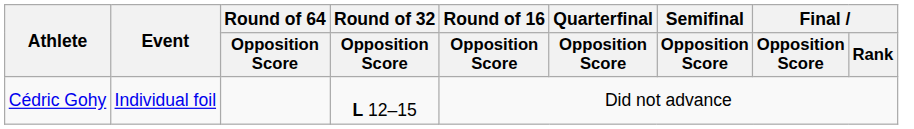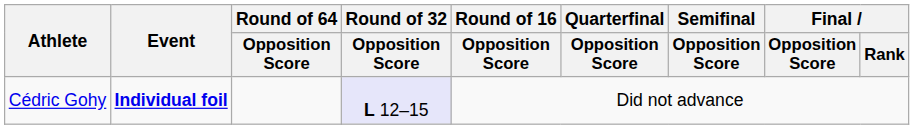 <table class="wikitable" style="font-size:90%">
 <tr>
 <th rowspan="2">Athlete</th>
 <th rowspan="2">Event</th>
 <th>Round of 64</th>
 <th>Round of 32</th>
 <th>Round of 16</th>
 <th>Quarterfinal</th>
 <th>Semifinal</th>
 <th colspan=2>Final / </th>
 </tr>
 <tr style="font-size:95%">
 <th>Opposition <br> Score</th>
 <th>Opposition <br> Score</th>
 <th>Opposition <br> Score</th>
 <th>Opposition <br> Score</th>
 <th>Opposition <br> Score</th>
 <th>Opposition <br> Score</th>
 <th>Rank</th>
 </tr>
 <tr align=center>
 <td align=left><a href='#'>Cédric Gohy</a></td>
-<td align=left><a href='#'>Individual foil</a></td>
+<td align=left><strong><a href='#'>Individual foil</a></strong></td>
 <td></td>
-<td><br><strong>L</strong> 12–15</td>
+<td style="background: lavender;"><br><strong>L</strong> 12–15</td>
 <td colspan=5>Did not advance</td>
 </tr>
 </table>
